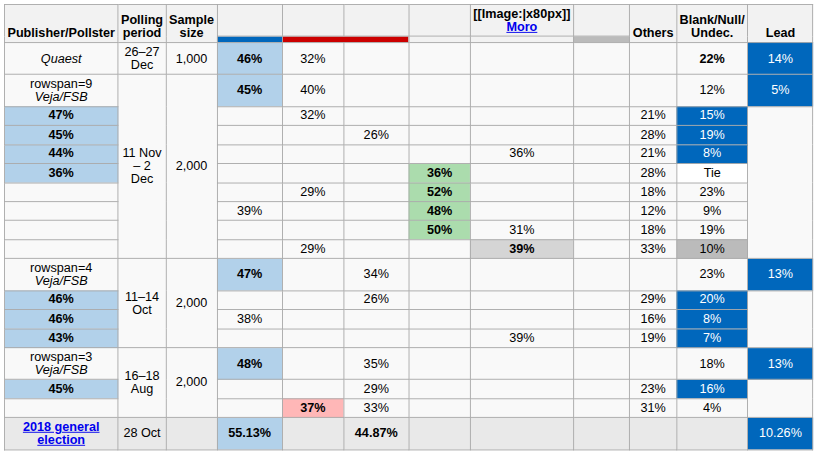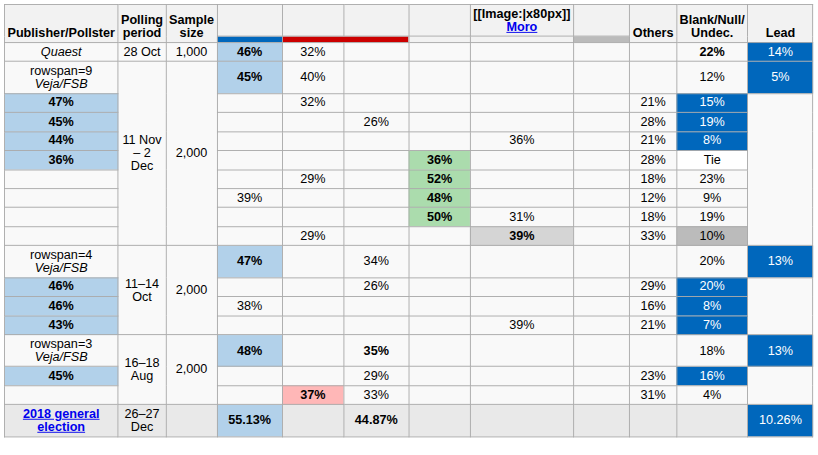 <table class="nowrap wikitable" style=text-align:center;font-size:85%;line-height:14px>
 <tr style=vertical-align:bottom>
 <th rowspan=2>Publisher/Pollster</th>
 <th rowspan=2>Polling<br>period</th>
 <th rowspan=2>Sample<br>size</th>
 <th style=width:5em><br></th>
 <th style=width:5em><br></th>
 <th style=width:5em><br></th>
 <th style=width:5em><br></th>
 <th style=width:5em>[[Image:|x80px]]<br><a href='#'>Moro</a><br></th>
 <th style=width:5em><br></th>
 <th rowspan=2>Others</th>
 <th rowspan=2>Blank/Null/<br>Undec.</th>
 <th style=width:5em rowspan=2>Lead</th>
 </tr>
 <tr>
 <th style=background:#0067bc></th>
 <th colspan=2 style=background:#cc0000></th>
 <th style=background:></th>
 <th style=background:></th>
 <th style=background:#bbbbbb></th>
 </tr>
 <tr>
 <td> <em>Quaest</em></td>
-<td>26–27 Dec</td>
+<td>28 Oct</td>
 <td>1,000</td>
 <td style=background:#b2d1ea;font-weight:bold>46%</td>
 <td>32%</td>
 <td></td>
 <td></td>
 <td></td>
 <td></td>
 <td></td>
 <td><strong>22%</strong></td>
 <td style=background:#0067bc;color:white>14%</td>
 </tr>
 <tr>
 <td>rowspan=9  <em>Veja/FSB</em></td>
 <td rowspan=9>11 Nov – 2 Dec</td>
 <td rowspan=9>2,000</td>
 <td style=background:#b2d1ea;font-weight:bold>45%</td>
 <td>40%</td>
 <td></td>
 <td></td>
 <td></td>
 <td></td>
 <td></td>
 <td>12%</td>
 <td style=background:#0067bc;color:white>5%</td>
 </tr>
 <tr>
 <td style=background:#b2d1ea;font-weight:bold>47%</td>
 <td></td>
 <td>32%</td>
 <td></td>
 <td></td>
 <td></td>
 <td></td>
 <td>21%</td>
 <td style=background:#0067bc;color:white>15%</td>
 </tr>
 <tr>
 <td style=background:#b2d1ea;font-weight:bold>45%</td>
 <td></td>
 <td></td>
 <td>26%</td>
 <td></td>
 <td></td>
 <td></td>
 <td>28%</td>
 <td style=background:#0067bc;color:white>19%</td>
 </tr>
 <tr>
 <td style=background:#b2d1ea;font-weight:bold>44%</td>
 <td></td>
 <td></td>
 <td></td>
 <td></td>
 <td>36%</td>
 <td></td>
 <td>21%</td>
 <td style=background:#0067bc;color:white>8%</td>
 </tr>
 <tr>
 <td style=background:#b2d1ea;font-weight:bold>36%</td>
 <td></td>
 <td></td>
 <td></td>
 <td style=background:#ABDCAD;font-weight:bold>36%</td>
 <td></td>
 <td></td>
 <td>28%</td>
 <td style=background:white>Tie</td>
 </tr>
 <tr>
 <td></td>
 <td></td>
 <td>29%</td>
 <td></td>
 <td style=background:#ABDCAD;font-weight:bold>52%</td>
 <td></td>
 <td></td>
 <td>18%</td>
 <td style=background:>23%</td>
 </tr>
 <tr>
 <td></td>
 <td>39%</td>
 <td></td>
 <td></td>
 <td style=background:#ABDCAD;font-weight:bold>48%</td>
 <td></td>
 <td></td>
 <td>12%</td>
 <td style=background:>9%</td>
 </tr>
 <tr>
 <td></td>
 <td></td>
 <td></td>
 <td></td>
 <td style=background:#ABDCAD;font-weight:bold>50%</td>
 <td>31%</td>
 <td></td>
 <td>18%</td>
 <td style=background:>19%</td>
 </tr>
 <tr>
 <td></td>
 <td></td>
 <td>29%</td>
 <td></td>
 <td></td>
 <td style=background:#d5d5d5;font-weight:bold>39%</td>
 <td></td>
 <td>33%</td>
 <td style=background:#bbbbbb>10%</td>
 </tr>
 <tr>
 <td>rowspan=4  <em>Veja/FSB</em></td>
 <td rowspan=4>11–14 Oct</td>
 <td rowspan=4>2,000</td>
 <td style=background:#b2d1ea;font-weight:bold>47%</td>
 <td></td>
 <td>34%</td>
 <td></td>
 <td></td>
 <td></td>
 <td></td>
-<td>23%</td>
+<td>20%</td>
 <td style=background:#0067bc;color:white>13%</td>
 </tr>
 <tr>
 <td style=background:#b2d1ea;font-weight:bold>46%</td>
 <td></td>
 <td></td>
 <td>26%</td>
 <td></td>
 <td></td>
 <td></td>
 <td>29%</td>
 <td style=background:#0067bc;color:white>20%</td>
 </tr>
 <tr>
 <td style=background:#b2d1ea;font-weight:bold>46%</td>
 <td>38%</td>
 <td></td>
 <td></td>
 <td></td>
 <td></td>
 <td></td>
 <td>16%</td>
 <td style=background:#0067bc;color:white>8%</td>
 </tr>
 <tr>
 <td style=background:#b2d1ea;font-weight:bold>43%</td>
 <td></td>
 <td></td>
 <td></td>
 <td></td>
 <td>39%</td>
 <td></td>
-<td>19%</td>
+<td>21%</td>
 <td style=background:#0067bc;color:white>7%</td>
 </tr>
 <tr>
 <td>rowspan=3  <em>Veja/FSB</em></td>
 <td rowspan=3>16–18 Aug</td>
 <td rowspan=3>2,000</td>
 <td style=background:#b2d1ea;font-weight:bold>48%</td>
 <td></td>
-<td>35%</td>
+<td><strong>35%</strong></td>
 <td></td>
 <td></td>
 <td></td>
 <td></td>
 <td>18%</td>
 <td style=background:#0067bc;color:white>13%</td>
 </tr>
 <tr>
 <td style=background:#b2d1ea;font-weight:bold>45%</td>
 <td></td>
 <td></td>
 <td>29%</td>
 <td></td>
 <td></td>
 <td></td>
 <td>23%</td>
 <td style=background:#0067bc;color:white>16%</td>
 </tr>
 <tr>
 <td></td>
 <td></td>
 <td style=background:#ffb7b7;font-weight:bold>37%</td>
 <td>33%</td>
 <td></td>
 <td></td>
 <td></td>
 <td>31%</td>
 <td style=background:>4%</td>
 </tr>
 <tr style=background:#E9E9E9>
 <td><strong><a href='#'>2018 general election</a></strong></td>
-<td>28 Oct</td>
+<td>26–27 Dec</td>
 <td></td>
 <td style=background:#b2d1ea;font-weight:bold>55.13%</td>
 <td></td>
 <td><strong>44.87%</strong></td>
 <td></td>
 <td></td>
 <td></td>
 <td></td>
 <td></td>
 <td style=background:#0067bc;color:white>10.26%</td>
 </tr>
 </table>
